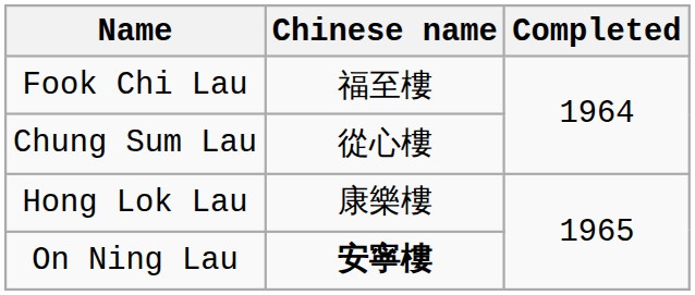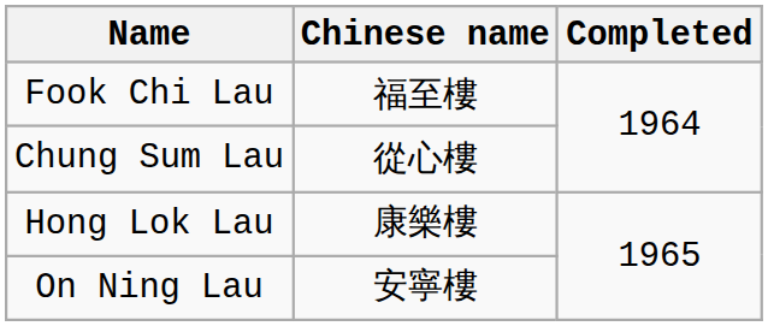 <table class="wikitable" style="text-align: center">
 <tr>
 <th>Name</th>
 <th>Chinese name</th>
 <th>Completed</th>
 </tr>
 <tr>
 <td>Fook Chi Lau</td>
 <td>福至樓</td>
 <td rowspan="2">1964</td>
 </tr>
 <tr>
 <td>Chung Sum Lau</td>
 <td>從心樓</td>
 </tr>
 <tr>
 <td>Hong Lok Lau</td>
 <td>康樂樓</td>
 <td rowspan="2">1965</td>
 </tr>
 <tr>
 <td>On Ning Lau</td>
-<td><strong>安寧樓</strong></td>
+<td>安寧樓</td>
 </tr>
 </table>
